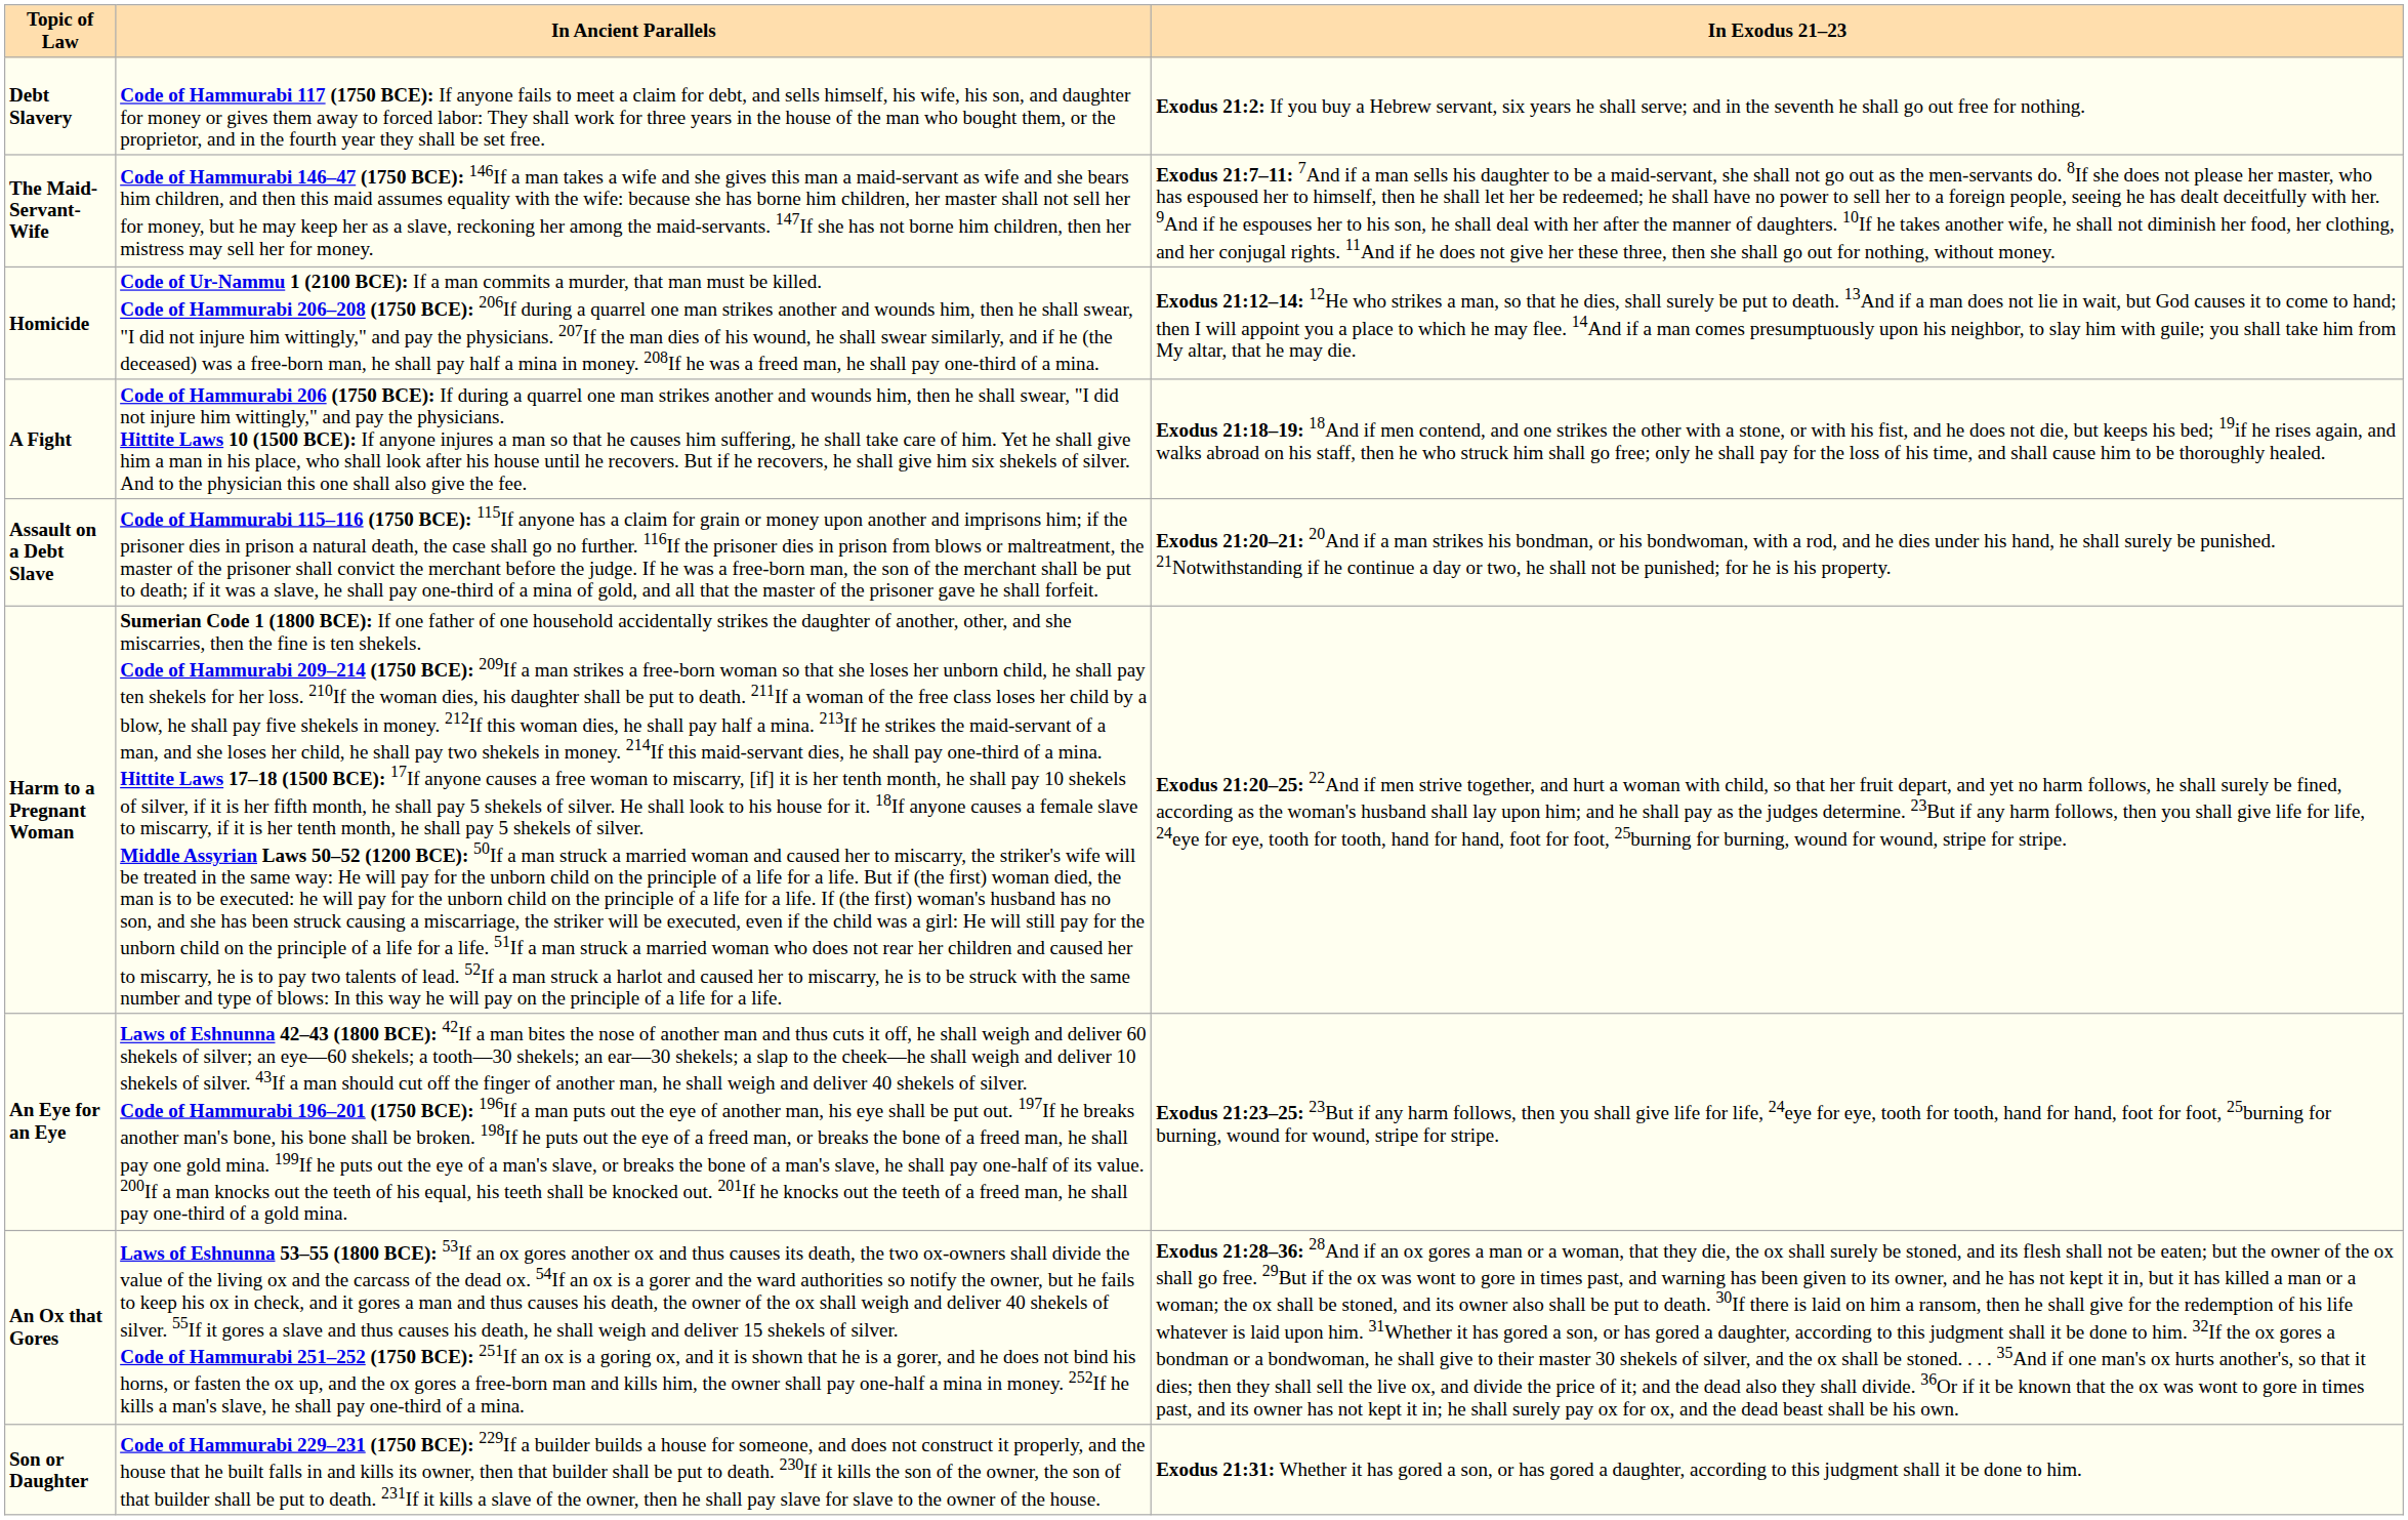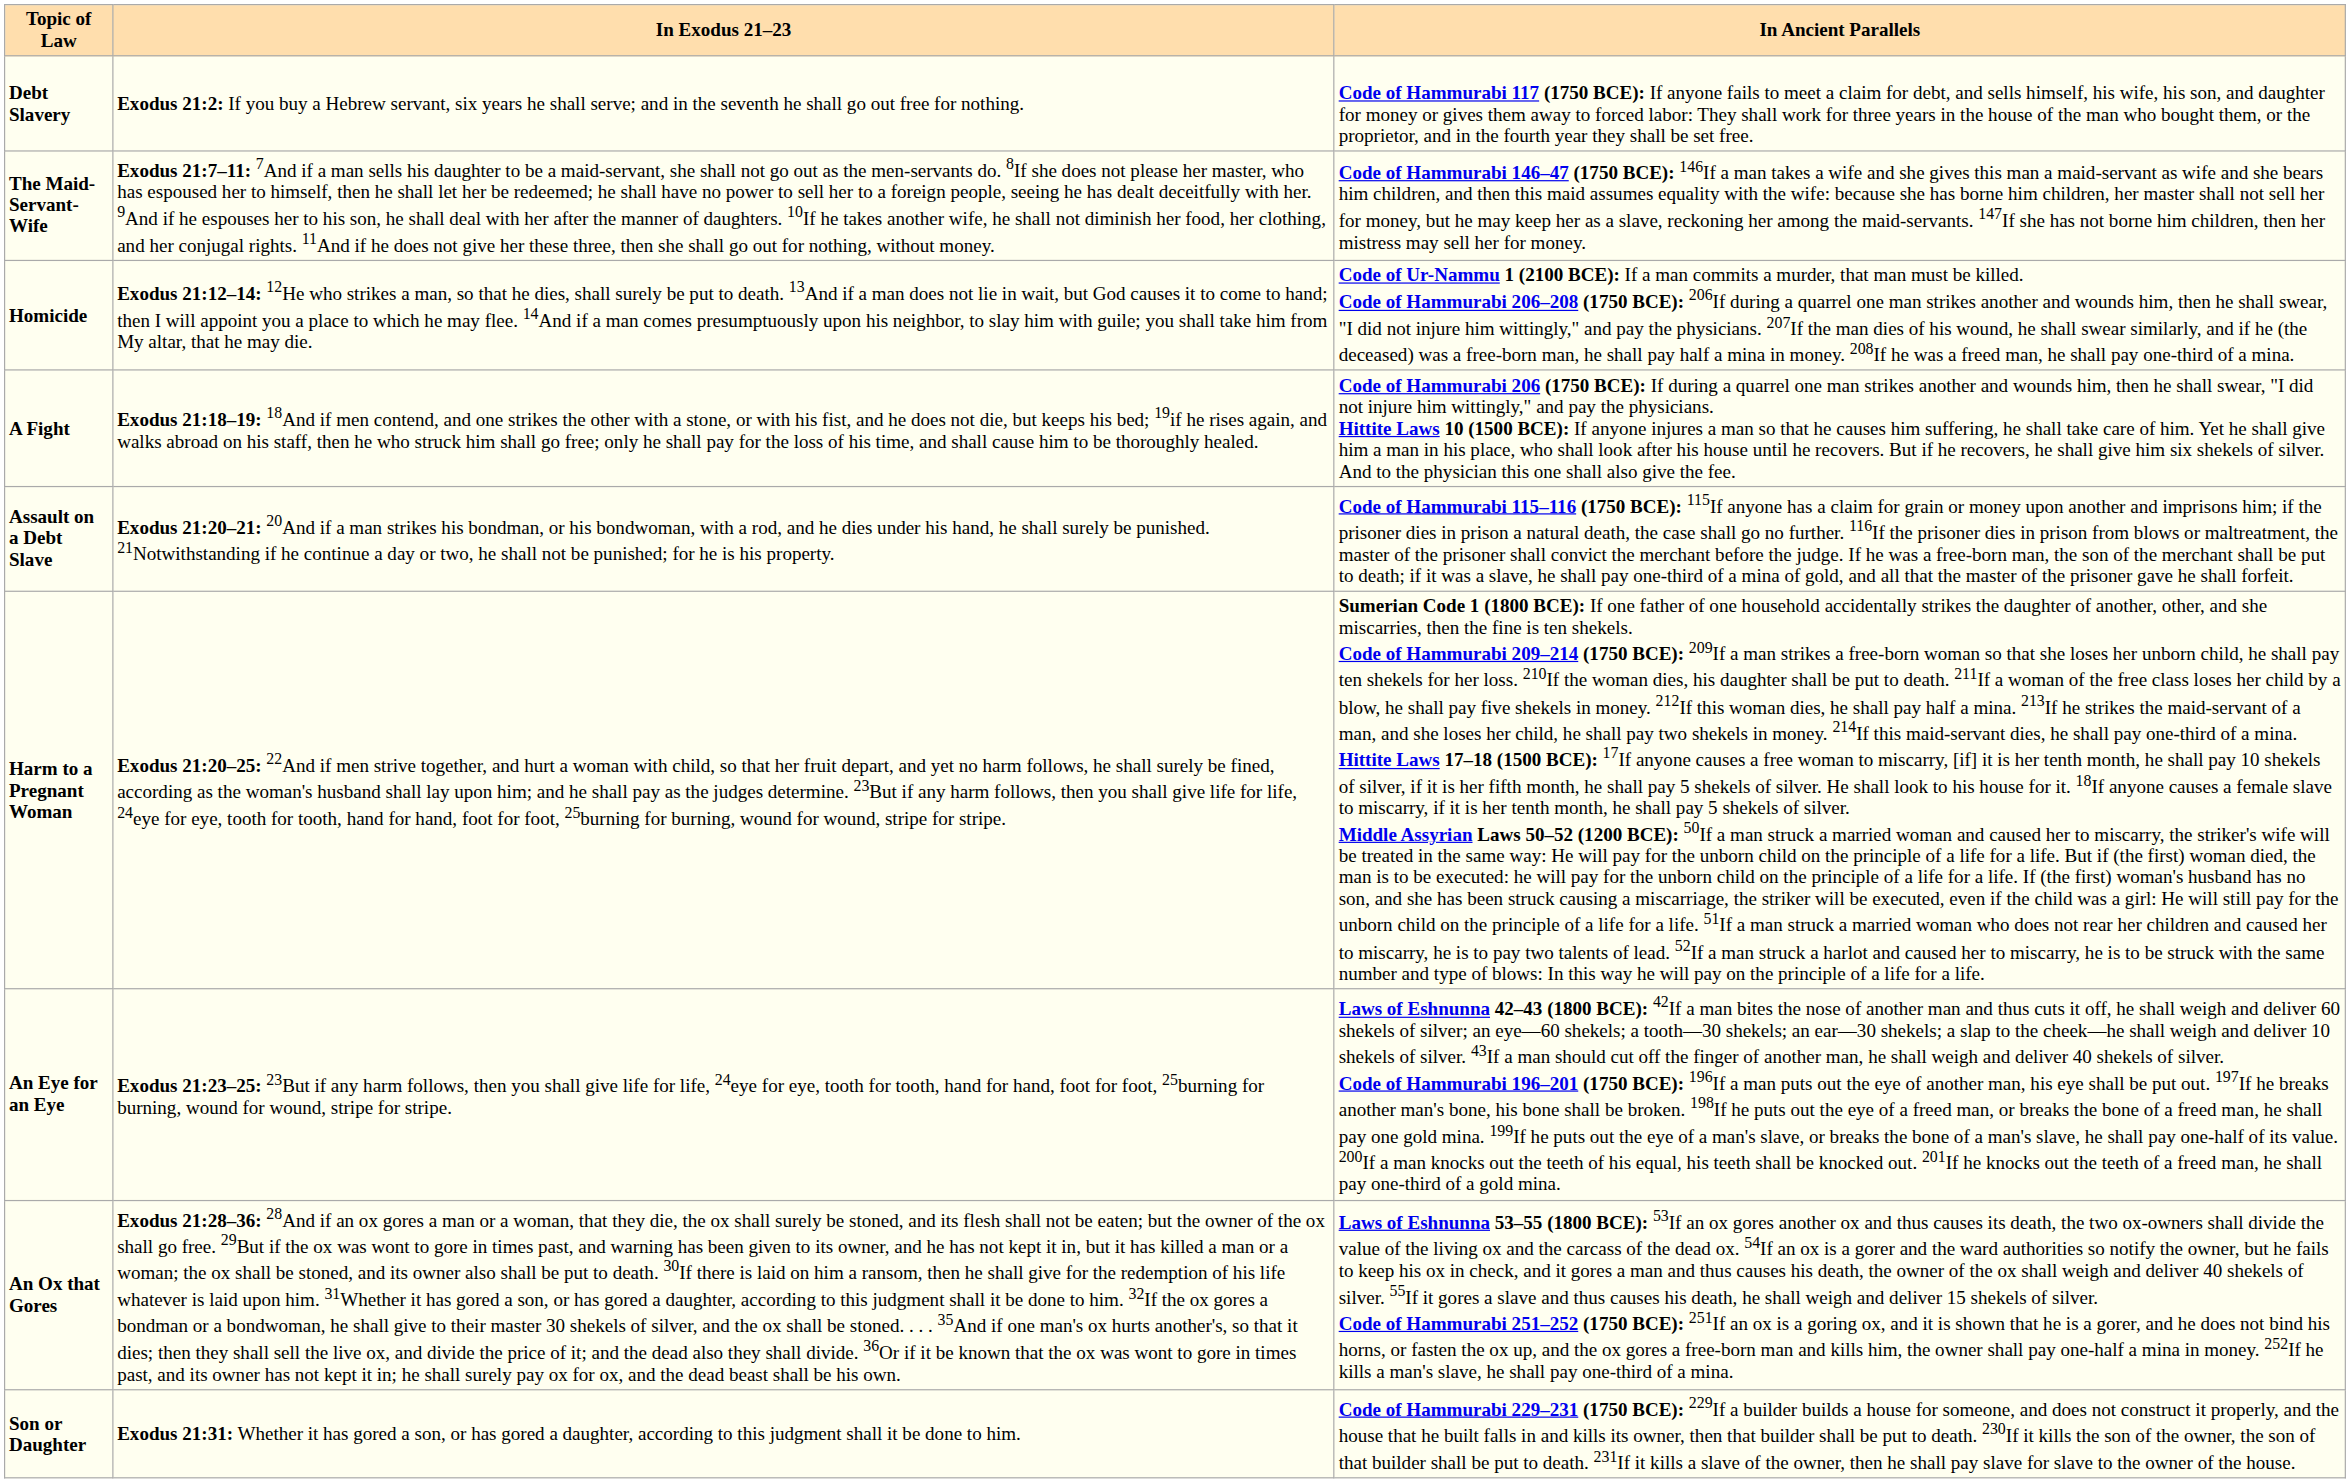 <table class="wikitable" style="background:Ivory;">
 <tr>
 <th style="background:Navajowhite;"><strong>Topic of Law</strong></th>
+<th style="background:Navajowhite;"><strong>In Exodus 21–23</strong></th>
 <th style="background:Navajowhite;"><strong>In Ancient Parallels</strong></th>
-<th style="background:Navajowhite;"><strong>In Exodus 21–23</strong></th>
 </tr>
 <tr>
 <td><strong>Debt Slavery</strong></td>
+<td><strong>Exodus 21:2:</strong> If you buy a Hebrew servant, six years he shall serve; and in the seventh he shall go out free for nothing.</td>
 <td><br><strong><a href='#'>Code of Hammurabi 117</a> (1750 BCE):</strong> If anyone fails to meet a claim for debt, and sells himself, his wife, his son, and daughter for money or gives them away to forced labor: They shall work for three years in the house of the man who bought them, or the proprietor, and in the fourth year they shall be set free.</td>
-<td><strong>Exodus 21:2:</strong> If you buy a Hebrew servant, six years he shall serve; and in the seventh he shall go out free for nothing.</td>
 </tr>
 <tr>
 <td><strong>The Maid-Servant-Wife</strong></td>
+<td><strong>Exodus 21:7–11:</strong> <sup>7</sup>And if a man sells his daughter to be a maid-servant, she shall not go out as the men-servants do. <sup>8</sup>If she does not please her master, who has espoused her to himself, then he shall let her be redeemed; he shall have no power to sell her to a foreign people, seeing he has dealt deceitfully with her. <sup>9</sup>And if he espouses her to his son, he shall deal with her after the manner of daughters. <sup>10</sup>If he takes another wife, he shall not diminish her food, her clothing, and her conjugal rights. <sup>11</sup>And if he does not give her these three, then she shall go out for nothing, without money.</td>
 <td><strong><a href='#'>Code of Hammurabi 146–47</a> (1750 BCE):</strong> <sup>146</sup>If a man takes a wife and she gives this man a maid-servant as wife and she bears him children, and then this maid assumes equality with the wife: because she has borne him children, her master shall not sell her for money, but he may keep her as a slave, reckoning her among the maid-servants. <sup>147</sup>If she has not borne him children, then her mistress may sell her for money.</td>
-<td><strong>Exodus 21:7–11:</strong> <sup>7</sup>And if a man sells his daughter to be a maid-servant, she shall not go out as the men-servants do. <sup>8</sup>If she does not please her master, who has espoused her to himself, then he shall let her be redeemed; he shall have no power to sell her to a foreign people, seeing he has dealt deceitfully with her. <sup>9</sup>And if he espouses her to his son, he shall deal with her after the manner of daughters. <sup>10</sup>If he takes another wife, he shall not diminish her food, her clothing, and her conjugal rights. <sup>11</sup>And if he does not give her these three, then she shall go out for nothing, without money.</td>
 </tr>
 <tr>
 <td><strong>Homicide</strong></td>
+<td><strong>Exodus 21:12–14:</strong> <sup>12</sup>He who strikes a man, so that he dies, shall surely be put to death. <sup>13</sup>And if a man does not lie in wait, but God causes it to come to hand; then I will appoint you a place to which he may flee. <sup>14</sup>And if a man comes presumptuously upon his neighbor, to slay him with guile; you shall take him from My altar, that he may die.</td>
 <td> <strong><a href='#'>Code of Ur-Nammu</a> 1 (2100 BCE):</strong> If a man commits a murder, that man must be killed.<br><strong><a href='#'>Code of Hammurabi 206–208</a> (1750 BCE):</strong> <sup>206</sup>If during a quarrel one man strikes another and wounds him, then he shall swear, "I did not injure him wittingly," and pay the physicians. <sup>207</sup>If the man dies of his wound, he shall swear similarly, and if he (the deceased) was a free-born man, he shall pay half a mina in money. <sup>208</sup>If he was a freed man, he shall pay one-third of a mina.</td>
-<td><strong>Exodus 21:12–14:</strong> <sup>12</sup>He who strikes a man, so that he dies, shall surely be put to death. <sup>13</sup>And if a man does not lie in wait, but God causes it to come to hand; then I will appoint you a place to which he may flee. <sup>14</sup>And if a man comes presumptuously upon his neighbor, to slay him with guile; you shall take him from My altar, that he may die.</td>
 </tr>
 <tr>
 <td><strong>A Fight</strong></td>
+<td><strong>Exodus 21:18–19:</strong> <sup>18</sup>And if men contend, and one strikes the other with a stone, or with his fist, and he does not die, but keeps his bed; <sup>19</sup>if he rises again, and walks abroad on his staff, then he who struck him shall go free; only he shall pay for the loss of his time, and shall cause him to be thoroughly healed.</td>
 <td><strong><a href='#'>Code of Hammurabi 206</a> (1750 BCE):</strong> If during a quarrel one man strikes another and wounds him, then he shall swear, "I did not injure him wittingly," and pay the physicians.<br><strong><a href='#'>Hittite Laws</a> 10 (1500 BCE):</strong> If anyone injures a man so that he causes him suffering, he shall take care of him. Yet he shall give him a man in his place, who shall look after his house until he recovers. But if he recovers, he shall give him six shekels of silver. And to the physician this one shall also give the fee.</td>
-<td><strong>Exodus 21:18–19:</strong> <sup>18</sup>And if men contend, and one strikes the other with a stone, or with his fist, and he does not die, but keeps his bed; <sup>19</sup>if he rises again, and walks abroad on his staff, then he who struck him shall go free; only he shall pay for the loss of his time, and shall cause him to be thoroughly healed.</td>
 </tr>
 <tr>
 <td><strong>Assault on a Debt Slave</strong></td>
+<td><strong>Exodus 21:20–21:</strong> <sup>20</sup>And if a man strikes his bondman, or his bondwoman, with a rod, and he dies under his hand, he shall surely be punished. <sup>21</sup>Notwithstanding if he continue a day or two, he shall not be punished; for he is his property.</td>
 <td><strong><a href='#'>Code of Hammurabi 115–116</a> (1750 BCE):</strong> <sup>115</sup>If anyone has a claim for grain or money upon another and imprisons him; if the prisoner dies in prison a natural death, the case shall go no further. <sup>116</sup>If the prisoner dies in prison from blows or maltreatment, the master of the prisoner shall convict the merchant before the judge. If he was a free-born man, the son of the merchant shall be put to death; if it was a slave, he shall pay one-third of a mina of gold, and all that the master of the prisoner gave he shall forfeit.</td>
-<td><strong>Exodus 21:20–21:</strong> <sup>20</sup>And if a man strikes his bondman, or his bondwoman, with a rod, and he dies under his hand, he shall surely be punished. <sup>21</sup>Notwithstanding if he continue a day or two, he shall not be punished; for he is his property.</td>
 </tr>
 <tr>
 <td><strong>Harm to a Pregnant Woman</strong></td>
+<td><strong>Exodus 21:20–25:</strong> <sup>22</sup>And if men strive together, and hurt a woman with child, so that her fruit depart, and yet no harm follows, he shall surely be fined, according as the woman's husband shall lay upon him; and he shall pay as the judges determine. <sup>23</sup>But if any harm follows, then you shall give life for life, <sup>24</sup>eye for eye, tooth for tooth, hand for hand, foot for foot, <sup>25</sup>burning for burning, wound for wound, stripe for stripe.</td>
 <td><strong>Sumerian Code 1 (1800 BCE):</strong> If one father of one household accidentally strikes the daughter of another, other, and she miscarries, then the fine is ten shekels.<br><strong><a href='#'>Code of Hammurabi 209–214</a> (1750 BCE):</strong> <sup>209</sup>If a man strikes a free-born woman so that she loses her unborn child, he shall pay ten shekels for her loss. <sup>210</sup>If the woman dies, his daughter shall be put to death. <sup>211</sup>If a woman of the free class loses her child by a blow, he shall pay five shekels in money. <sup>212</sup>If this woman dies, he shall pay half a mina. <sup>213</sup>If he strikes the maid-servant of a man, and she loses her child, he shall pay two shekels in money. <sup>214</sup>If this maid-servant dies, he shall pay one-third of a mina.  <strong><a href='#'>Hittite Laws</a> 17–18 (1500 BCE):</strong> <sup>17</sup>If anyone causes a free woman to miscarry, [if] it is her tenth month, he shall pay 10 shekels of silver, if it is her fifth month, he shall pay 5 shekels of silver. He shall look to his house for it. <sup>18</sup>If anyone causes a female slave to miscarry, if it is her tenth month, he shall pay 5 shekels of silver.<br><strong><a href='#'>Middle Assyrian</a> Laws 50–52 (1200 BCE):</strong> <sup>50</sup>If a man struck a married woman and caused her to miscarry, the striker's wife will be treated in the same way: He will pay for the unborn child on the principle of a life for a life. But if (the first) woman died, the man is to be executed: he will pay for the unborn child on the principle of a life for a life. If (the first) woman's husband has no son, and she has been struck causing a miscarriage, the striker will be executed, even if the child was a girl: He will still pay for the unborn child on the principle of a life for a life. <sup>51</sup>If a man struck a married woman who does not rear her children and caused her to miscarry, he is to pay two talents of lead. <sup>52</sup>If a man struck a harlot and caused her to miscarry, he is to be struck with the same number and type of blows: In this way he will pay on the principle of a life for a life.</td>
-<td><strong>Exodus 21:20–25:</strong> <sup>22</sup>And if men strive together, and hurt a woman with child, so that her fruit depart, and yet no harm follows, he shall surely be fined, according as the woman's husband shall lay upon him; and he shall pay as the judges determine. <sup>23</sup>But if any harm follows, then you shall give life for life, <sup>24</sup>eye for eye, tooth for tooth, hand for hand, foot for foot, <sup>25</sup>burning for burning, wound for wound, stripe for stripe.</td>
 </tr>
 <tr>
 <td><strong>An Eye for an Eye</strong></td>
+<td><strong>Exodus 21:23–25:</strong> <sup>23</sup>But if any harm follows, then you shall give life for life, <sup>24</sup>eye for eye, tooth for tooth, hand for hand, foot for foot, <sup>25</sup>burning for burning, wound for wound, stripe for stripe.</td>
 <td><strong><a href='#'>Laws of Eshnunna</a> 42–43 (1800 BCE):</strong> <sup>42</sup>If a man bites the nose of another man and thus cuts it off, he shall weigh and deliver 60 shekels of silver; an eye—60 shekels; a tooth—30 shekels; an ear—30 shekels; a slap to the cheek—he shall weigh and deliver 10 shekels of silver. <sup>43</sup>If a man should cut off the finger of another man, he shall weigh and deliver 40 shekels of silver.<br><strong><a href='#'>Code of Hammurabi 196–201</a> (1750 BCE):</strong> <sup>196</sup>If a man puts out the eye of another man, his eye shall be put out. <sup>197</sup>If he breaks another man's bone, his bone shall be broken. <sup>198</sup>If he puts out the eye of a freed man, or breaks the bone of a freed man, he shall pay one gold mina. <sup>199</sup>If he puts out the eye of a man's slave, or breaks the bone of a man's slave, he shall pay one-half of its value. <sup>200</sup>If a man knocks out the teeth of his equal, his teeth shall be knocked out. <sup>201</sup>If he knocks out the teeth of a freed man, he shall pay one-third of a gold mina.</td>
-<td><strong>Exodus 21:23–25:</strong> <sup>23</sup>But if any harm follows, then you shall give life for life, <sup>24</sup>eye for eye, tooth for tooth, hand for hand, foot for foot, <sup>25</sup>burning for burning, wound for wound, stripe for stripe.</td>
 </tr>
 <tr>
 <td><strong>An Ox that Gores</strong></td>
+<td><strong>Exodus 21:28–36:</strong> <sup>28</sup>And if an ox gores a man or a woman, that they die, the ox shall surely be stoned, and its flesh shall not be eaten; but the owner of the ox shall go free. <sup>29</sup>But if the ox was wont to gore in times past, and warning has been given to its owner, and he has not kept it in, but it has killed a man or a woman; the ox shall be stoned, and its owner also shall be put to death. <sup>30</sup>If there is laid on him a ransom, then he shall give for the redemption of his life whatever is laid upon him. <sup>31</sup>Whether it has gored a son, or has gored a daughter, according to this judgment shall it be done to him. <sup>32</sup>If the ox gores a bondman or a bondwoman, he shall give to their master 30 shekels of silver, and the ox shall be stoned. . . . <sup>35</sup>And if one man's ox hurts another's, so that it dies; then they shall sell the live ox, and divide the price of it; and the dead also they shall divide. <sup>36</sup>Or if it be known that the ox was wont to gore in times past, and its owner has not kept it in; he shall surely pay ox for ox, and the dead beast shall be his own.</td>
 <td><strong><a href='#'>Laws of Eshnunna</a> 53–55 (1800 BCE):</strong> <sup>53</sup>If an ox gores another ox and thus causes its death, the two ox-owners shall divide the value of the living ox and the carcass of the dead ox. <sup>54</sup>If an ox is a gorer and the ward authorities so notify the owner, but he fails to keep his ox in check, and it gores a man and thus causes his death, the owner of the ox shall weigh and deliver 40 shekels of silver. <sup>55</sup>If it gores a slave and thus causes his death, he shall weigh and deliver 15 shekels of silver.<br><strong><a href='#'>Code of Hammurabi 251–252</a> (1750 BCE):</strong> <sup>251</sup>If an ox is a goring ox, and it is shown that he is a gorer, and he does not bind his horns, or fasten the ox up, and the ox gores a free-born man and kills him, the owner shall pay one-half a mina in money. <sup>252</sup>If he kills a man's slave, he shall pay one-third of a mina.</td>
-<td><strong>Exodus 21:28–36:</strong> <sup>28</sup>And if an ox gores a man or a woman, that they die, the ox shall surely be stoned, and its flesh shall not be eaten; but the owner of the ox shall go free. <sup>29</sup>But if the ox was wont to gore in times past, and warning has been given to its owner, and he has not kept it in, but it has killed a man or a woman; the ox shall be stoned, and its owner also shall be put to death. <sup>30</sup>If there is laid on him a ransom, then he shall give for the redemption of his life whatever is laid upon him. <sup>31</sup>Whether it has gored a son, or has gored a daughter, according to this judgment shall it be done to him. <sup>32</sup>If the ox gores a bondman or a bondwoman, he shall give to their master 30 shekels of silver, and the ox shall be stoned. . . . <sup>35</sup>And if one man's ox hurts another's, so that it dies; then they shall sell the live ox, and divide the price of it; and the dead also they shall divide. <sup>36</sup>Or if it be known that the ox was wont to gore in times past, and its owner has not kept it in; he shall surely pay ox for ox, and the dead beast shall be his own.</td>
 </tr>
 <tr>
 <td><strong>Son or Daughter</strong></td>
+<td><strong>Exodus 21:31:</strong> Whether it has gored a son, or has gored a daughter, according to this judgment shall it be done to him.</td>
 <td><strong><a href='#'>Code of Hammurabi 229–231</a> (1750 BCE):</strong> <sup>229</sup>If a builder builds a house for someone, and does not construct it properly, and the house that he built falls in and kills its owner, then that builder shall be put to death. <sup>230</sup>If it kills the son of the owner, the son of that builder shall be put to death. <sup>231</sup>If it kills a slave of the owner, then he shall pay slave for slave to the owner of the house.</td>
-<td><strong>Exodus 21:31:</strong> Whether it has gored a son, or has gored a daughter, according to this judgment shall it be done to him.</td>
 </tr>
 </table>
